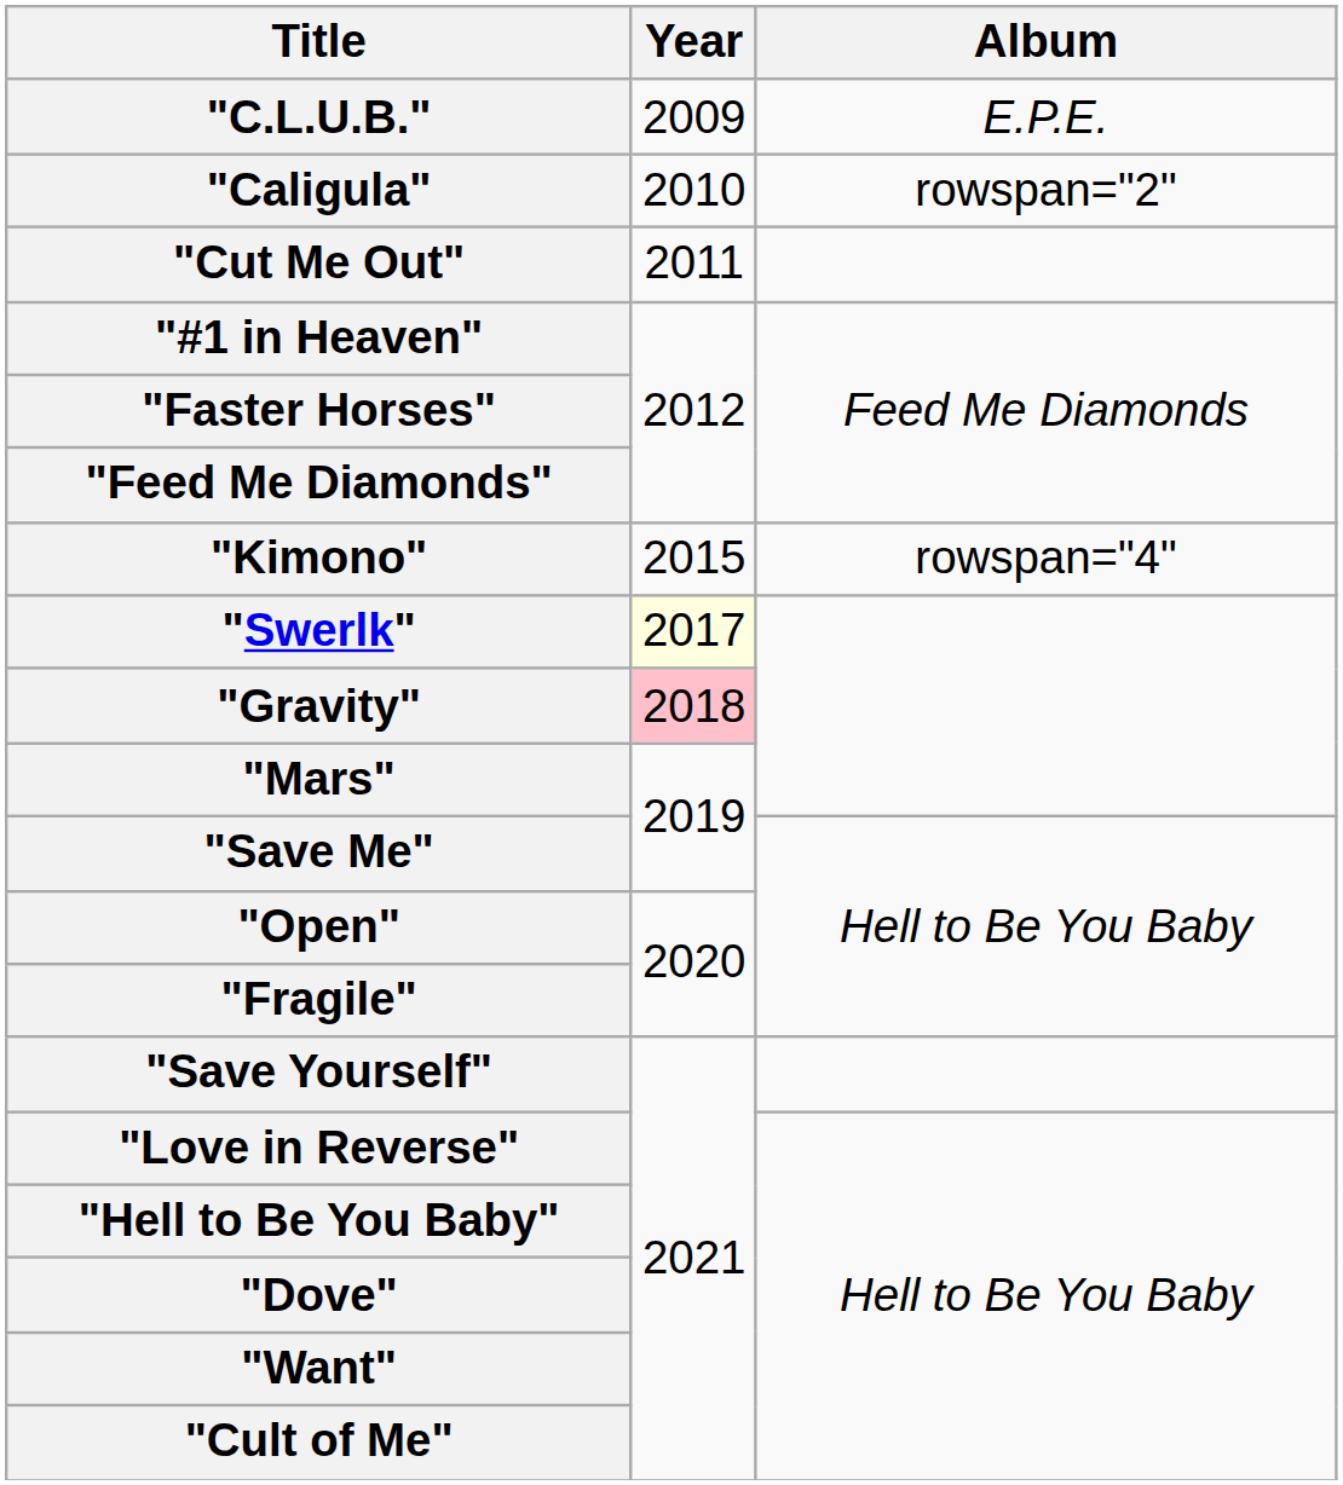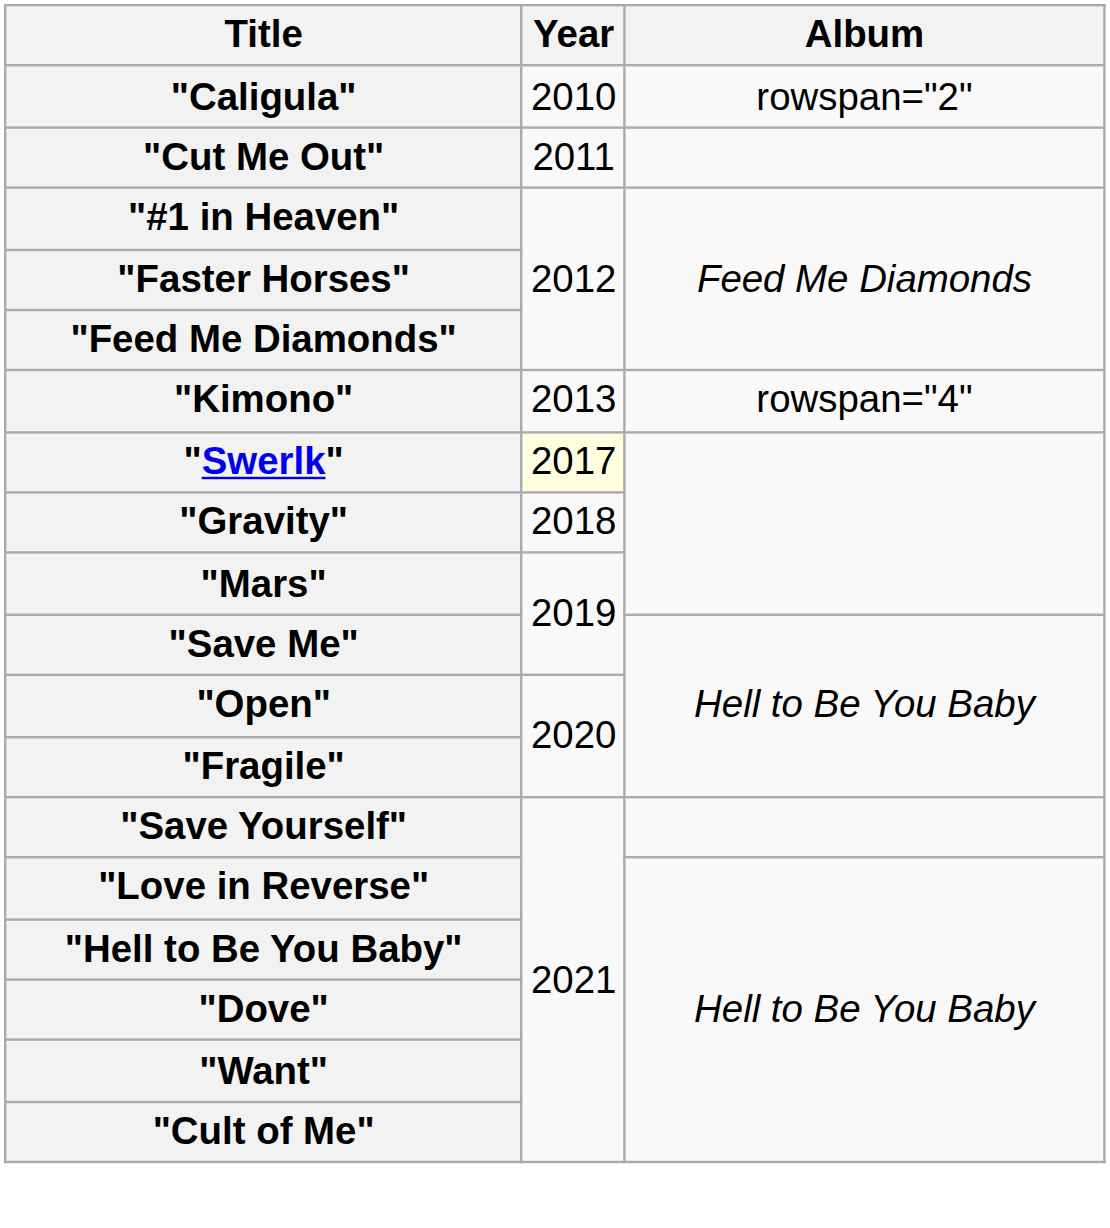 <table class="wikitable plainrowheaders" style="text-align:center;">
 <tr>
 <th scope="col" style="width:13em;">Title</th>
 <th scope="col">Year</th>
 <th scope="col" style="width:12em;">Album</th>
-</tr>
-<tr>
-<th scope="row">"C.L.U.B."</th>
-<td>2009</td>
-<td><em>E.P.E.</em></td>
 </tr>
 <tr>
 <th scope="row">"Caligula"</th>
 <td>2010</td>
 <td>rowspan="2" </td>
 </tr>
 <tr>
 <th scope="row">"Cut Me Out"</th>
 <td>2011</td>
 </tr>
 <tr>
 <th scope="row">"#1 in Heaven"</th>
 <td rowspan="3">2012</td>
 <td rowspan="3"><em>Feed Me Diamonds</em></td>
 </tr>
 <tr>
 <th scope="row">"Faster Horses"</th>
 </tr>
 <tr>
 <th scope="row">"Feed Me Diamonds"</th>
 </tr>
 <tr>
 <th scope="row">"Kimono"</th>
-<td>2015</td>
+<td>2013</td>
 <td>rowspan="4" </td>
 </tr>
 <tr>
 <th scope="row">"<a href='#'>Swerlk</a>"<br></th>
 <td style="background: lightyellow;">2017</td>
 </tr>
 <tr>
 <th scope="row">"Gravity"</th>
-<td style="background: pink;">2018</td>
+<td>2018</td>
 </tr>
 <tr>
 <th scope="row">"Mars"</th>
 <td rowspan="2">2019</td>
 </tr>
 <tr>
 <th scope="row">"Save Me"</th>
 <td rowspan="3"><em>Hell to Be You Baby</em></td>
 </tr>
 <tr>
 <th scope="row">"Open"</th>
 <td rowspan="2">2020</td>
 </tr>
 <tr>
 <th scope="row">"Fragile"</th>
 </tr>
 <tr>
 <th scope="row">"Save Yourself"<br></th>
 <td rowspan="6">2021</td>
 <td></td>
 </tr>
 <tr>
 <th scope="row">"Love in Reverse"<br></th>
 <td rowspan="5"><em>Hell to Be You Baby</em></td>
 </tr>
 <tr>
 <th scope="row">"Hell to Be You Baby"</th>
 </tr>
 <tr>
 <th scope="row">"Dove"<br></th>
 </tr>
 <tr>
 <th scope="row">"Want"</th>
 </tr>
 <tr>
 <th scope="row">"Cult of Me"<br></th>
 </tr>
 </table>
